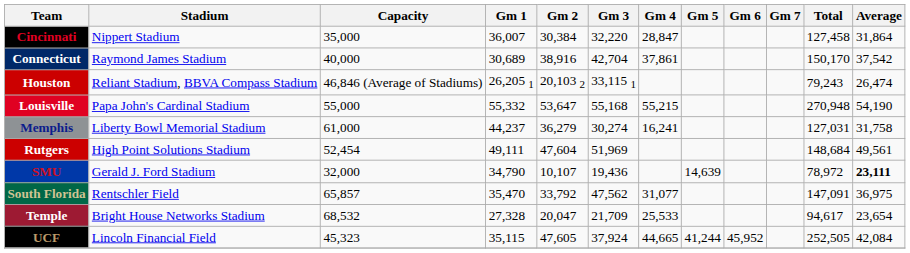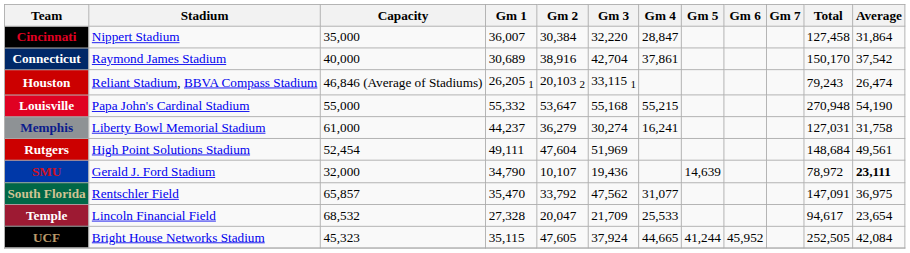 <table class="wikitable sortable" style="font-size:95%">
 <tr>
 <th>Team</th>
 <th>Stadium</th>
 <th>Capacity</th>
 <th>Gm 1</th>
 <th>Gm 2</th>
 <th>Gm 3</th>
 <th>Gm 4</th>
 <th>Gm 5</th>
 <th>Gm 6</th>
 <th>Gm 7</th>
 <th>Total</th>
 <th>Average</th>
 </tr>
 <tr>
 <th style="background:#000000; color:#e00122;">Cincinnati</th>
 <td><a href='#'>Nippert Stadium</a></td>
 <td>35,000</td>
 <td>36,007</td>
 <td>30,384</td>
 <td>32,220</td>
 <td>28,847</td>
 <td></td>
 <td></td>
 <td></td>
 <td>127,458</td>
 <td>31,864</td>
 </tr>
 <tr>
 <th style="background:#002868; color:#FFFFFF;">Connecticut</th>
 <td><a href='#'>Raymond James Stadium</a></td>
 <td>40,000</td>
 <td>30,689</td>
 <td>38,916</td>
 <td>42,704</td>
 <td>37,861</td>
 <td></td>
 <td></td>
 <td></td>
 <td>150,170</td>
 <td>37,542</td>
 </tr>
 <tr>
 <th style="background:#CC0000; color:#FFFFFF;">Houston</th>
 <td><a href='#'>Reliant Stadium</a>, <a href='#'>BBVA Compass Stadium</a></td>
 <td>46,846 (Average of Stadiums)</td>
 <td>26,205 <sub>1</sub></td>
 <td>20,103 <sub>2</sub></td>
 <td>33,115 <sub>1</sub></td>
 <td></td>
 <td></td>
 <td></td>
 <td></td>
 <td>79,243</td>
 <td>26,474</td>
 </tr>
 <tr>
 <th style="background:#e00122; color:#FFFFFF;">Louisville</th>
 <td><a href='#'>Papa John's Cardinal Stadium</a></td>
 <td>55,000</td>
 <td>55,332</td>
 <td>53,647</td>
 <td>55,168</td>
 <td>55,215</td>
 <td></td>
 <td></td>
 <td></td>
 <td>270,948</td>
 <td>54,190</td>
 </tr>
 <tr>
 <th style="background:#8E9295; color:#0C1C8C;">Memphis</th>
 <td><a href='#'>Liberty Bowl Memorial Stadium</a></td>
 <td>61,000</td>
 <td>44,237</td>
 <td>36,279</td>
 <td>30,274</td>
 <td>16,241</td>
 <td></td>
 <td></td>
 <td></td>
 <td>127,031</td>
 <td>31,758</td>
 </tr>
 <tr>
 <th style="background:#CC0000; color:#FFFFFF;">Rutgers</th>
 <td><a href='#'>High Point Solutions Stadium</a></td>
 <td>52,454</td>
 <td>49,111</td>
 <td>47,604</td>
 <td>51,969</td>
 <td></td>
 <td></td>
 <td></td>
 <td></td>
 <td>148,684</td>
 <td>49,561</td>
 </tr>
 <tr>
 <th style="background:#0038A8; color:#CE1126;">SMU</th>
 <td><a href='#'>Gerald J. Ford Stadium</a></td>
 <td>32,000</td>
 <td>34,790</td>
 <td>10,107</td>
 <td>19,436</td>
 <td></td>
 <td>14,639</td>
 <td></td>
 <td></td>
 <td>78,972</td>
 <td><strong>23,111</strong></td>
 </tr>
 <tr>
 <th style="background:#006747; color:#CFC493;">South Florida</th>
 <td><a href='#'>Rentschler Field</a></td>
 <td>65,857</td>
 <td>35,470</td>
 <td>33,792</td>
 <td>47,562</td>
 <td>31,077</td>
 <td></td>
 <td></td>
 <td></td>
 <td>147,091</td>
 <td>36,975</td>
 </tr>
 <tr>
 <th style="background:#9D1A33; color:#FFFFFF;">Temple</th>
-<td><a href='#'>Bright House Networks Stadium</a></td>
+<td><a href='#'>Lincoln Financial Field</a></td>
 <td>68,532</td>
 <td>27,328</td>
 <td>20,047</td>
 <td>21,709</td>
 <td>25,533</td>
 <td></td>
 <td></td>
 <td></td>
 <td>94,617</td>
 <td>23,654</td>
 </tr>
 <tr>
 <th style="background:#000000; color:#BC9B6A;">UCF</th>
-<td><a href='#'>Lincoln Financial Field</a></td>
+<td><a href='#'>Bright House Networks Stadium</a></td>
 <td>45,323</td>
 <td>35,115</td>
 <td>47,605</td>
 <td>37,924</td>
 <td>44,665</td>
 <td>41,244</td>
 <td>45,952</td>
 <td></td>
 <td>252,505</td>
 <td>42,084</td>
 </tr>
 <tr>
 </tr>
 </table>
